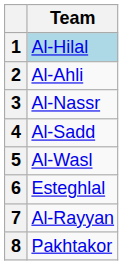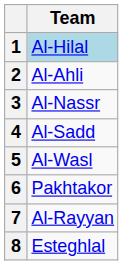 <table class="wikitable">
 <tr>
 <th></th>
 <th width=80%>Team</th>
 </tr>
 <tr>
 <th>1</th>
 <td style="background: lightblue;"> <a href='#'>Al-Hilal</a></td>
 </tr>
 <tr>
 <th>2</th>
 <td> <a href='#'>Al-Ahli</a></td>
 </tr>
 <tr>
 <th>3</th>
 <td> <a href='#'>Al-Nassr</a></td>
 </tr>
 <tr>
 <th>4</th>
 <td> <a href='#'>Al-Sadd</a></td>
 </tr>
 <tr>
 <th>5</th>
 <td> <a href='#'>Al-Wasl</a></td>
 </tr>
 <tr>
 <th>6</th>
-<td> <a href='#'>Esteghlal</a></td>
+<td> <a href='#'>Pakhtakor</a></td>
 </tr>
 <tr>
 <th>7</th>
 <td> <a href='#'>Al-Rayyan</a></td>
 </tr>
 <tr>
 <th>8</th>
-<td> <a href='#'>Pakhtakor</a></td>
+<td> <a href='#'>Esteghlal</a></td>
 </tr>
 </table>
